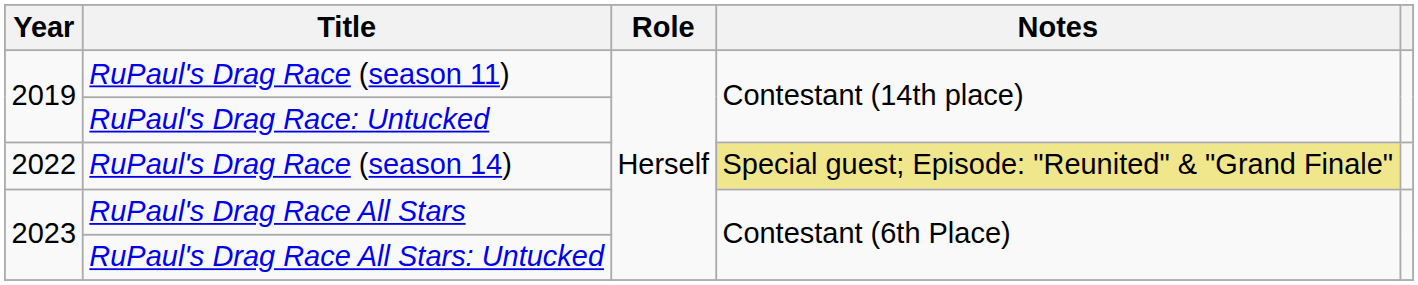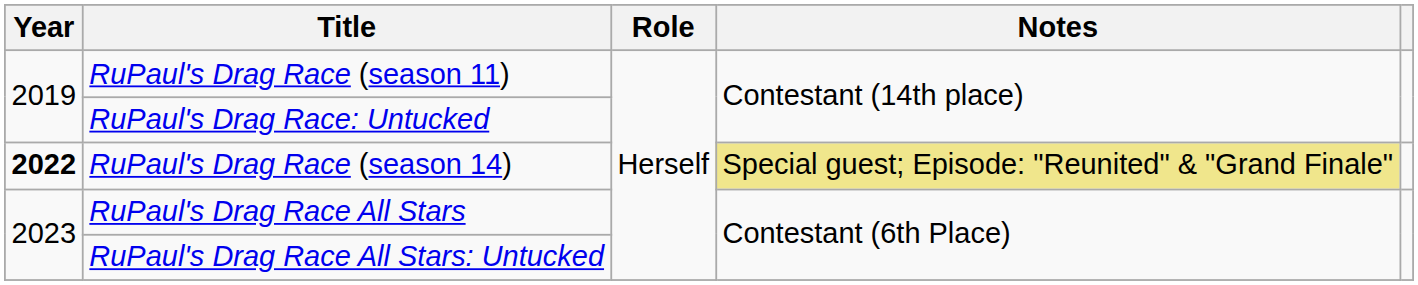 <table class="wikitable">
 <tr>
 <th>Year</th>
 <th>Title</th>
 <th>Role</th>
 <th>Notes</th>
 <th style="text-align: center;" class="unsortable"></th>
 </tr>
 <tr>
 <td rowspan="2">2019</td>
 <td><em><a href='#'>RuPaul's Drag Race</a></em> (<a href='#'>season 11</a>)</td>
 <td rowspan="5">Herself</td>
 <td rowspan="2">Contestant (14th place)</td>
 <td style="text-align: center;" rowspan="2"></td>
 </tr>
 <tr>
 <td><em><a href='#'>RuPaul's Drag Race: Untucked</a></em></td>
 </tr>
 <tr>
-<td>2022</td>
+<td><strong>2022</strong></td>
 <td><em><a href='#'>RuPaul's Drag Race</a></em> (<a href='#'>season 14</a>)</td>
 <td style="background: khaki;">Special guest; Episode: "Reunited" & "Grand Finale"</td>
 <td style="text-align: center;"></td>
 </tr>
 <tr>
 <td rowspan="2">2023</td>
 <td><em><a href='#'>RuPaul's Drag Race All Stars</a></em></td>
 <td rowspan="2">Contestant (6th Place)</td>
 <td rowspan="2" style="text-align: center;"></td>
 </tr>
 <tr>
 <td><em><a href='#'>RuPaul's Drag Race All Stars: Untucked</a></em></td>
 </tr>
 </table>
